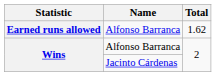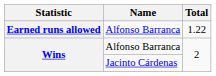 <table class="wikitable plainrowheaders">
 <tr>
 <th scope="col">Statistic</th>
 <th scope="col">Name</th>
 <th scope="col">Total</th>
 </tr>
 <tr>
 <th scope="row"><a href='#'>Earned runs allowed</a></th>
 <td> <a href='#'>Alfonso Barranca</a></td>
-<td align=center>1.62</td>
+<td align=center>1.22</td>
 </tr>
 <tr>
 <th scope="row" rowspan=2><a href='#'>Wins</a></th>
 <td> Alfonso Barranca</td>
 <td rowspan=2 align=center>2</td>
 </tr>
 <tr>
 <td> <a href='#'>Jacinto Cárdenas</a></td>
 </tr>
 </table>
